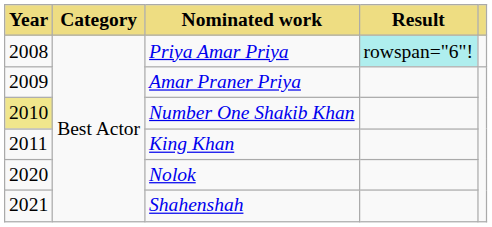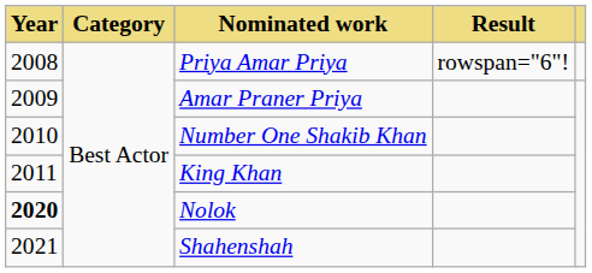 <table class="wikitable" style="width=80%;">
 <tr>
 <th style="background:#EEDD82;">Year</th>
 <th style="background:#EEDD82;">Category</th>
 <th style="background:#EEDD82;">Nominated work</th>
 <th style="background:#EEDD82;">Result</th>
 <th style="background:#EEDD82;"></th>
 </tr>
 <tr>
 <td>2008</td>
 <td rowspan="6">Best Actor</td>
 <td><em><a href='#'>Priya Amar Priya</a></em></td>
-<td style="background: paleturquoise;">rowspan="6"! </td>
+<td>rowspan="6"! </td>
 <td></td>
 </tr>
 <tr>
 <td>2009</td>
 <td><em><a href='#'>Amar Praner Priya</a></em></td>
 <td></td>
 </tr>
 <tr>
-<td style="background: khaki;">2010</td>
+<td>2010</td>
 <td><em><a href='#'>Number One Shakib Khan</a></em></td>
 <td></td>
 </tr>
 <tr>
 <td>2011</td>
 <td><em><a href='#'>King Khan</a></em></td>
 <td></td>
 </tr>
 <tr>
-<td>2020</td>
+<td><strong>2020</strong></td>
 <td><em><a href='#'>Nolok</a></em></td>
 <td></td>
 </tr>
 <tr>
 <td>2021</td>
 <td><em><a href='#'>Shahenshah</a></em></td>
 <td></td>
 </tr>
 </table>
